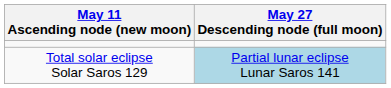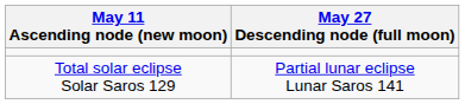 <table class="wikitable">
 <tr>
 <th><a href='#'>May 11</a><br>Ascending node (new moon)<br></th>
 <th><a href='#'>May 27</a><br>Descending node (full moon)<br></th>
 </tr>
 <tr>
 <td></td>
 <td></td>
 </tr>
 <tr align=center>
 <td><a href='#'>Total solar eclipse</a><br>Solar Saros 129</td>
-<td style="background: lightblue;"><a href='#'>Partial lunar eclipse</a><br>Lunar Saros 141</td>
+<td><a href='#'>Partial lunar eclipse</a><br>Lunar Saros 141</td>
 </tr>
 </table>
